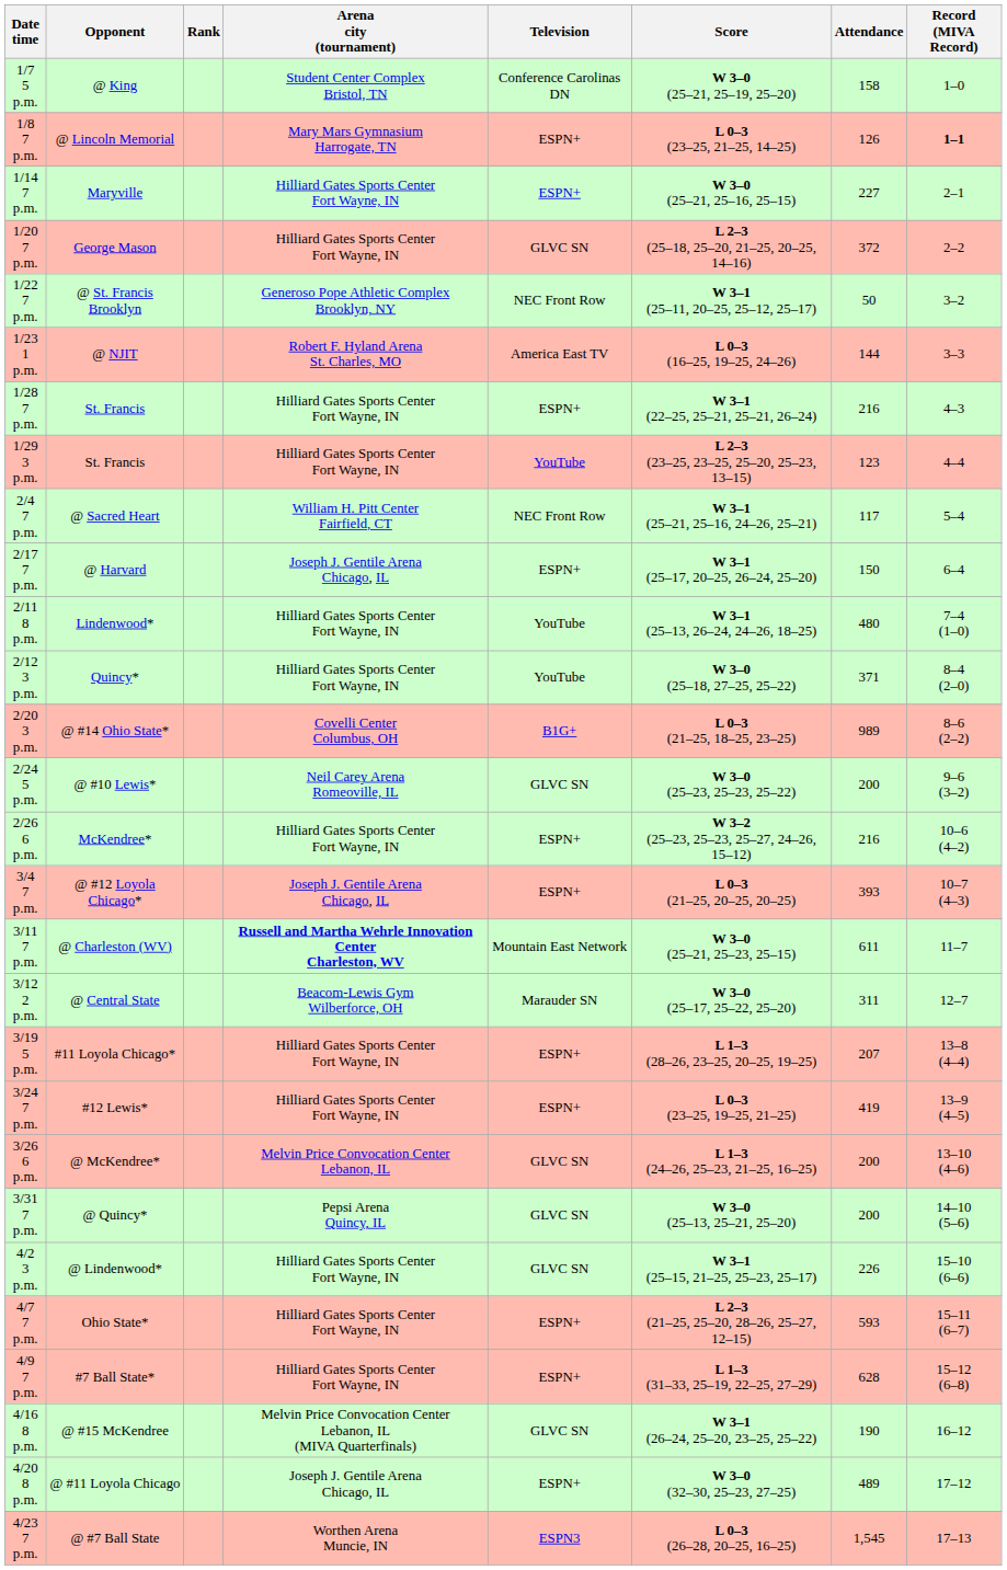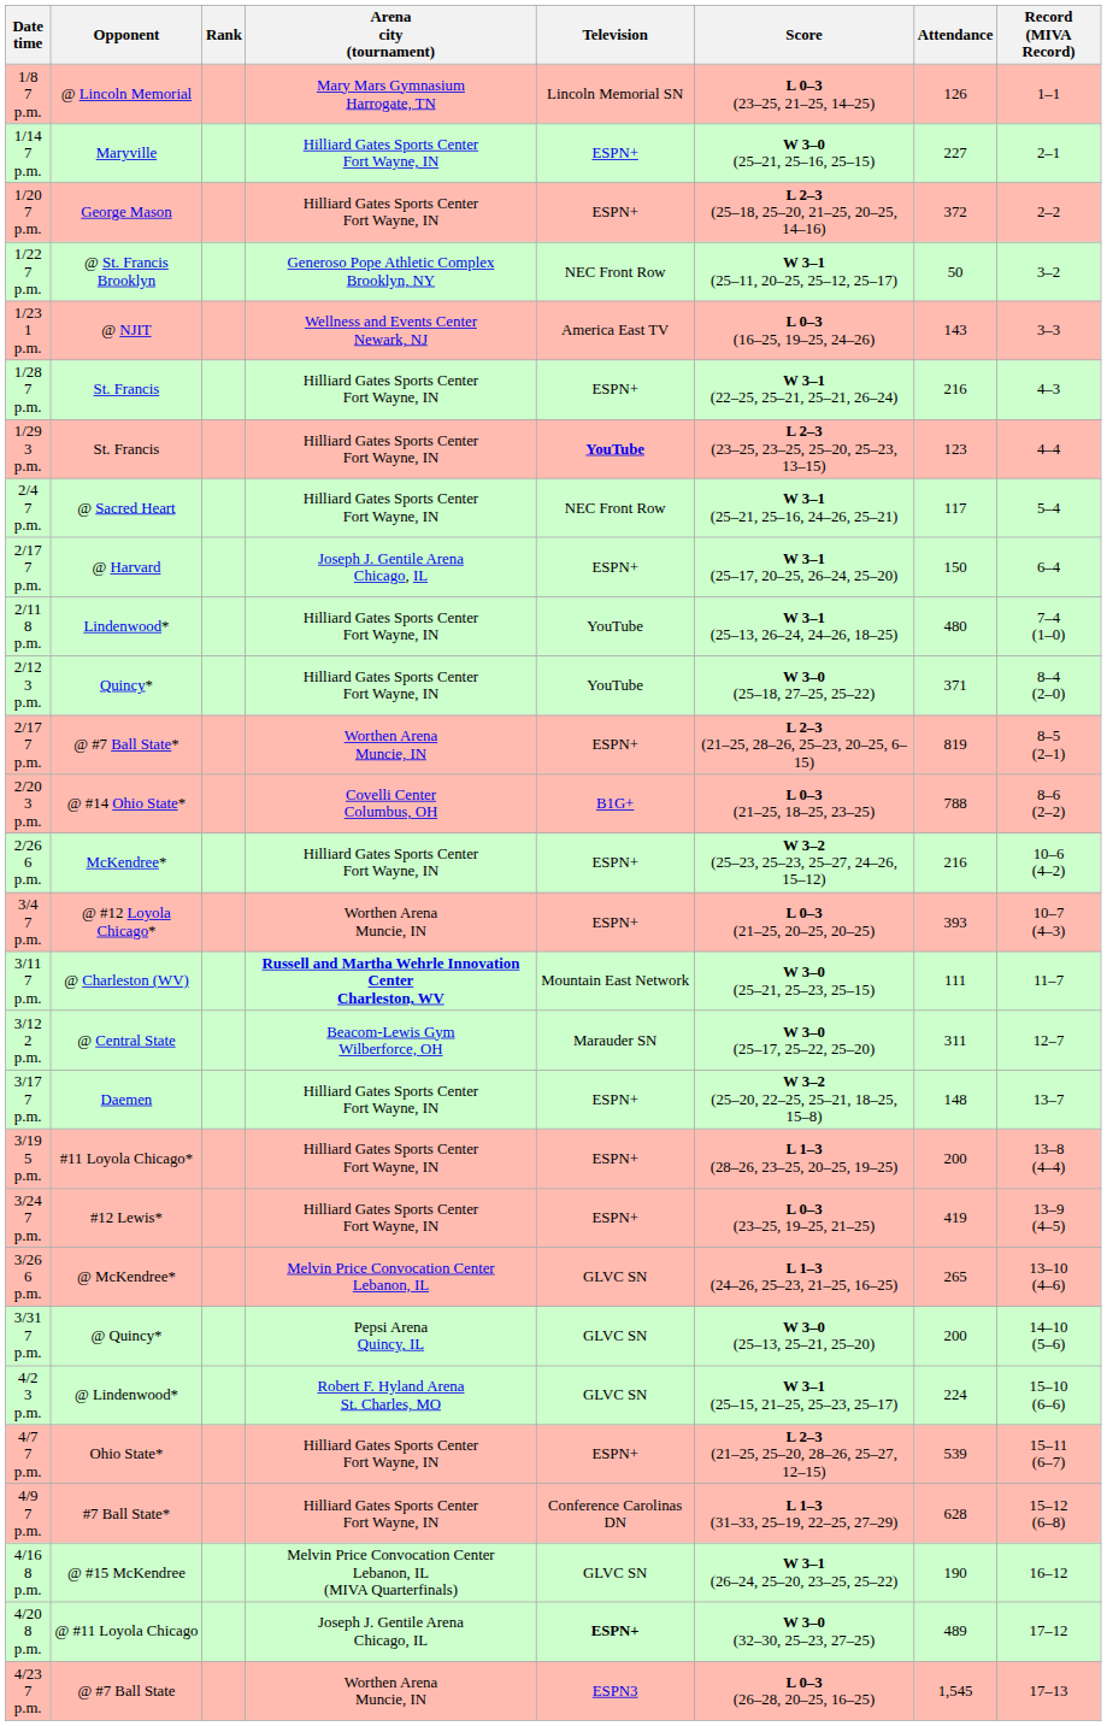 <table class="wikitable sortable" style="width:90%">
 <tr>
 <th>Date<br>time</th>
 <th>Opponent</th>
 <th>Rank</th>
 <th>Arena<br>city<br>(tournament)</th>
 <th>Television</th>
 <th>Score</th>
 <th>Attendance</th>
 <th>Record<br>(MIVA Record)</th>
 </tr>
-<tr align="center" bgcolor="#ccffcc">
-<td>1/7<br>5 p.m.</td>
-<td>@ <a href='#'>King</a></td>
-<td></td>
-<td><a href='#'>Student Center Complex</a><br><a href='#'>Bristol, TN</a></td>
-<td>Conference Carolinas DN</td>
-<td><strong>W 3–0</strong><br>(25–21, 25–19, 25–20)</td>
-<td>158</td>
-<td>1–0</td>
-</tr>
 <tr align="center" bgcolor="#ffbbb">
 <td>1/8<br>7 p.m.</td>
 <td>@ <a href='#'>Lincoln Memorial</a></td>
 <td></td>
 <td><a href='#'>Mary Mars Gymnasium</a><br><a href='#'>Harrogate, TN</a></td>
-<td>ESPN+</td>
+<td>Lincoln Memorial SN</td>
 <td><strong>L 0–3</strong><br>(23–25, 21–25, 14–25)</td>
 <td>126</td>
-<td><strong>1–1</strong></td>
+<td>1–1</td>
 </tr>
 <tr align="center" bgcolor="#ccffcc">
 <td>1/14<br>7 p.m.</td>
 <td><a href='#'>Maryville</a></td>
 <td></td>
 <td><a href='#'>Hilliard Gates Sports Center</a><br><a href='#'>Fort Wayne, IN</a></td>
 <td><a href='#'>ESPN+</a></td>
 <td><strong>W 3–0</strong><br>(25–21, 25–16, 25–15)</td>
 <td>227</td>
 <td>2–1</td>
 </tr>
 <tr align="center" bgcolor="#ffbbb">
 <td>1/20<br>7 p.m.</td>
 <td><a href='#'>George Mason</a></td>
 <td></td>
 <td>Hilliard Gates Sports Center<br>Fort Wayne, IN</td>
-<td>GLVC SN</td>
+<td>ESPN+</td>
 <td><strong>L 2–3</strong><br>(25–18, 25–20, 21–25, 20–25, 14–16)</td>
 <td>372</td>
 <td>2–2</td>
 </tr>
 <tr align="center" bgcolor="#ccffcc">
 <td>1/22<br>7 p.m.</td>
 <td>@ <a href='#'>St. Francis Brooklyn</a></td>
 <td></td>
 <td><a href='#'>Generoso Pope Athletic Complex</a><br><a href='#'>Brooklyn, NY</a></td>
 <td>NEC Front Row</td>
 <td><strong>W 3–1</strong><br>(25–11, 20–25, 25–12, 25–17)</td>
 <td>50</td>
 <td>3–2</td>
 </tr>
 <tr align="center" bgcolor="#ffbbb">
 <td>1/23<br>1 p.m.</td>
 <td>@ <a href='#'>NJIT</a></td>
 <td></td>
-<td><a href='#'>Robert F. Hyland Arena</a><br><a href='#'>St. Charles, MO</a></td>
+<td><a href='#'>Wellness and Events Center</a><br><a href='#'>Newark, NJ</a></td>
 <td>America East TV</td>
 <td><strong>L 0–3</strong><br>(16–25, 19–25, 24–26)</td>
-<td>144</td>
+<td>143</td>
 <td>3–3</td>
 </tr>
 <tr align="center" bgcolor="#ccffcc">
 <td>1/28<br>7 p.m.</td>
 <td><a href='#'>St. Francis</a></td>
 <td></td>
 <td>Hilliard Gates Sports Center<br>Fort Wayne, IN</td>
 <td>ESPN+</td>
 <td><strong>W 3–1</strong><br>(22–25, 25–21, 25–21, 26–24)</td>
 <td>216</td>
 <td>4–3</td>
 </tr>
 <tr align="center" bgcolor="#ffbbb">
 <td>1/29<br>3 p.m.</td>
 <td>St. Francis</td>
 <td></td>
 <td>Hilliard Gates Sports Center<br>Fort Wayne, IN</td>
-<td><a href='#'>YouTube</a></td>
+<td><strong><a href='#'>YouTube</a></strong></td>
 <td><strong>L 2–3</strong><br>(23–25, 23–25, 25–20, 25–23, 13–15)</td>
 <td>123</td>
 <td>4–4</td>
 </tr>
 <tr align="center" bgcolor="#ccffcc">
 <td>2/4<br>7 p.m.</td>
 <td>@ <a href='#'>Sacred Heart</a></td>
 <td></td>
-<td><a href='#'>William H. Pitt Center</a><br><a href='#'>Fairfield, CT</a></td>
+<td>Hilliard Gates Sports Center<br>Fort Wayne, IN</td>
 <td>NEC Front Row</td>
 <td><strong>W 3–1</strong><br>(25–21, 25–16, 24–26, 25–21)</td>
 <td>117</td>
 <td>5–4</td>
 </tr>
 <tr align="center" bgcolor="#ccffcc">
 <td>2/17<br>7 p.m.</td>
 <td>@ <a href='#'>Harvard</a></td>
 <td></td>
 <td><a href='#'>Joseph J. Gentile Arena</a><br><a href='#'>Chicago</a>, <a href='#'>IL</a></td>
 <td>ESPN+</td>
 <td><strong>W 3–1</strong><br>(25–17, 20–25, 26–24, 25–20)</td>
 <td>150</td>
 <td>6–4</td>
 </tr>
 <tr align="center" bgcolor="#ccffcc">
 <td>2/11<br>8 p.m.</td>
 <td><a href='#'>Lindenwood</a>*</td>
 <td></td>
 <td>Hilliard Gates Sports Center<br>Fort Wayne, IN</td>
 <td>YouTube</td>
 <td><strong>W 3–1</strong><br>(25–13, 26–24, 24–26, 18–25)</td>
 <td>480</td>
 <td>7–4<br>(1–0)</td>
 </tr>
 <tr align="center" bgcolor="#ccffcc">
 <td>2/12<br>3 p.m.</td>
 <td><a href='#'>Quincy</a>*</td>
 <td></td>
 <td>Hilliard Gates Sports Center<br>Fort Wayne, IN</td>
 <td>YouTube</td>
 <td><strong>W 3–0</strong><br>(25–18, 27–25, 25–22)</td>
 <td>371</td>
 <td>8–4<br>(2–0)</td>
 </tr>
 <tr align="center" bgcolor="#ffbbb">
+<td>2/17<br>7 p.m.</td>
+<td>@ #7 <a href='#'>Ball State</a>*</td>
+<td></td>
+<td><a href='#'>Worthen Arena</a><br><a href='#'>Muncie, IN</a></td>
+<td>ESPN+</td>
+<td><strong>L 2–3</strong><br>(21–25, 28–26, 25–23, 20–25, 6–15)</td>
+<td>819</td>
+<td>8–5<br>(2–1)</td>
+</tr>
+<tr align="center" bgcolor="#ffbbb">
 <td>2/20<br>3 p.m.</td>
 <td>@ #14 <a href='#'>Ohio State</a>*</td>
 <td></td>
 <td><a href='#'>Covelli Center</a><br><a href='#'>Columbus, OH</a></td>
 <td><a href='#'>B1G+</a></td>
 <td><strong>L 0–3</strong><br>(21–25, 18–25, 23–25)</td>
-<td>989</td>
+<td>788</td>
 <td>8–6<br>(2–2)</td>
-</tr>
-<tr align="center" bgcolor="#ccffcc">
-<td>2/24<br>5 p.m.</td>
-<td>@ #10 <a href='#'>Lewis</a>*</td>
-<td></td>
-<td><a href='#'>Neil Carey Arena</a><br><a href='#'>Romeoville, IL</a></td>
-<td>GLVC SN</td>
-<td><strong>W 3–0</strong><br>(25–23, 25–23, 25–22)</td>
-<td>200</td>
-<td>9–6<br>(3–2)</td>
 </tr>
 <tr align="center" bgcolor="#ccffcc">
 <td>2/26<br>6 p.m.</td>
 <td><a href='#'>McKendree</a>*</td>
 <td></td>
 <td>Hilliard Gates Sports Center<br>Fort Wayne, IN</td>
 <td>ESPN+</td>
 <td><strong>W 3–2</strong><br>(25–23, 25–23, 25–27, 24–26, 15–12)</td>
 <td>216</td>
 <td>10–6<br>(4–2)</td>
 </tr>
 <tr align="center" bgcolor="#ffbbb">
 <td>3/4<br>7 p.m.</td>
 <td>@ #12 <a href='#'>Loyola Chicago</a>*</td>
 <td></td>
-<td><a href='#'>Joseph J. Gentile Arena</a><br><a href='#'>Chicago</a>, <a href='#'>IL</a></td>
+<td>Worthen Arena<br>Muncie, IN</td>
 <td>ESPN+</td>
 <td><strong>L 0–3</strong><br>(21–25, 20–25, 20–25)</td>
 <td>393</td>
 <td>10–7<br>(4–3)</td>
 </tr>
 <tr align="center" bgcolor="#ccffcc">
 <td>3/11<br>7 p.m.</td>
 <td>@ <a href='#'>Charleston (WV)</a></td>
 <td></td>
 <td><strong><a href='#'>Russell and Martha Wehrle Innovation Center</a><br><a href='#'>Charleston, WV</a></strong></td>
 <td>Mountain East Network</td>
 <td><strong>W 3–0</strong><br>(25–21, 25–23, 25–15)</td>
-<td>611</td>
+<td>111</td>
 <td>11–7</td>
 </tr>
 <tr align="center" bgcolor="#ccffcc">
 <td>3/12<br>2 p.m.</td>
 <td>@ <a href='#'>Central State</a></td>
 <td></td>
 <td><a href='#'>Beacom-Lewis Gym</a><br><a href='#'>Wilberforce, OH</a></td>
 <td>Marauder SN</td>
 <td><strong>W 3–0</strong><br>(25–17, 25–22, 25–20)</td>
 <td>311</td>
 <td>12–7</td>
 </tr>
+<tr align="center" bgcolor="#ccffcc">
+<td>3/17<br>7 p.m.</td>
+<td><a href='#'>Daemen</a></td>
+<td></td>
+<td>Hilliard Gates Sports Center<br>Fort Wayne, IN</td>
+<td>ESPN+</td>
+<td><strong>W 3–2</strong><br>(25–20, 22–25, 25–21, 18–25, 15–8)</td>
+<td>148</td>
+<td>13–7</td>
+</tr>
 <tr align="center" bgcolor="#ffbbb">
 <td>3/19<br>5 p.m.</td>
 <td>#11 Loyola Chicago*</td>
 <td></td>
 <td>Hilliard Gates Sports Center<br>Fort Wayne, IN</td>
 <td>ESPN+</td>
 <td><strong>L 1–3</strong><br>(28–26, 23–25, 20–25, 19–25)</td>
-<td>207</td>
+<td>200</td>
 <td>13–8<br>(4–4)</td>
 </tr>
 <tr align="center" bgcolor="#ffbbb">
 <td>3/24<br>7 p.m.</td>
 <td>#12 Lewis*</td>
 <td></td>
 <td>Hilliard Gates Sports Center<br>Fort Wayne, IN</td>
 <td>ESPN+</td>
 <td><strong>L 0–3</strong><br>(23–25, 19–25, 21–25)</td>
 <td>419</td>
 <td>13–9<br>(4–5)</td>
 </tr>
 <tr align="center" bgcolor="#ffbbb">
 <td>3/26<br>6 p.m.</td>
 <td>@ McKendree*</td>
 <td></td>
 <td><a href='#'>Melvin Price Convocation Center</a><br><a href='#'>Lebanon, IL</a></td>
 <td>GLVC SN</td>
 <td><strong>L 1–3</strong><br>(24–26, 25–23, 21–25, 16–25)</td>
-<td>200</td>
+<td>265</td>
 <td>13–10<br>(4–6)</td>
 </tr>
 <tr align="center" bgcolor="#ccffcc">
 <td>3/31<br>7 p.m.</td>
 <td>@ Quincy*</td>
 <td></td>
 <td>Pepsi Arena<br><a href='#'>Quincy, IL</a></td>
 <td>GLVC SN</td>
 <td><strong>W 3–0</strong><br>(25–13, 25–21, 25–20)</td>
 <td>200</td>
 <td>14–10<br>(5–6)</td>
 </tr>
 <tr align="center" bgcolor="#ccffcc">
 <td>4/2<br>3 p.m.</td>
 <td>@ Lindenwood*</td>
 <td></td>
-<td>Hilliard Gates Sports Center<br>Fort Wayne, IN</td>
+<td><a href='#'>Robert F. Hyland Arena</a><br><a href='#'>St. Charles, MO</a></td>
 <td>GLVC SN</td>
 <td><strong>W 3–1</strong><br>(25–15, 21–25, 25–23, 25–17)</td>
-<td>226</td>
+<td>224</td>
 <td>15–10<br>(6–6)</td>
 </tr>
 <tr align="center" bgcolor="#ffbbb">
 <td>4/7<br>7 p.m.</td>
 <td>Ohio State*</td>
 <td></td>
 <td>Hilliard Gates Sports Center<br>Fort Wayne, IN</td>
 <td>ESPN+</td>
 <td><strong>L 2–3</strong><br>(21–25, 25–20, 28–26, 25–27, 12–15)</td>
-<td>593</td>
+<td>539</td>
 <td>15–11<br>(6–7)</td>
 </tr>
 <tr align="center" bgcolor="#ffbbb">
 <td>4/9<br>7 p.m.</td>
 <td>#7 Ball State*</td>
 <td></td>
 <td>Hilliard Gates Sports Center<br>Fort Wayne, IN</td>
-<td>ESPN+</td>
+<td>Conference Carolinas DN</td>
 <td><strong>L 1–3</strong><br>(31–33, 25–19, 22–25, 27–29)</td>
 <td>628</td>
 <td>15–12<br>(6–8)</td>
 </tr>
 <tr align="center" bgcolor="#ccffcc">
 <td>4/16<br>8 p.m.</td>
 <td>@ #15 McKendree</td>
 <td></td>
 <td>Melvin Price Convocation Center<br>Lebanon, IL<br>(MIVA Quarterfinals)</td>
 <td>GLVC SN</td>
 <td><strong>W 3–1</strong><br>(26–24, 25–20, 23–25, 25–22)</td>
 <td>190</td>
 <td>16–12</td>
 </tr>
 <tr align="center" bgcolor="#ccffcc">
 <td>4/20<br>8 p.m.</td>
 <td>@ #11 Loyola Chicago</td>
 <td></td>
 <td>Joseph J. Gentile Arena<br>Chicago, IL</td>
-<td>ESPN+</td>
+<td><strong>ESPN+</strong></td>
 <td><strong>W 3–0</strong><br>(32–30, 25–23, 27–25)</td>
 <td>489</td>
 <td>17–12</td>
 </tr>
 <tr align="center" bgcolor="#ffbbb">
 <td>4/23<br>7 p.m.</td>
 <td>@ #7 Ball State</td>
 <td></td>
 <td>Worthen Arena<br>Muncie, IN</td>
 <td><a href='#'>ESPN3</a></td>
 <td><strong>L 0–3</strong><br>(26–28, 20–25, 16–25)</td>
 <td>1,545</td>
 <td>17–13</td>
 </tr>
 </table>
